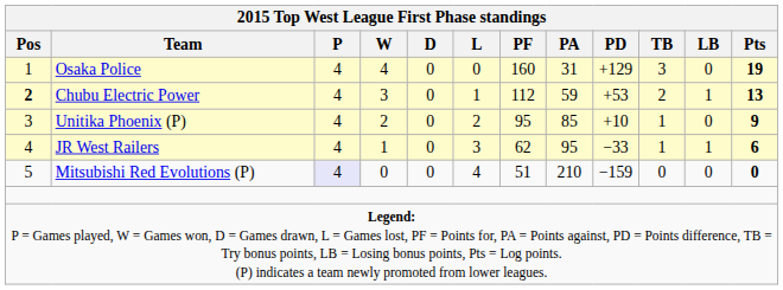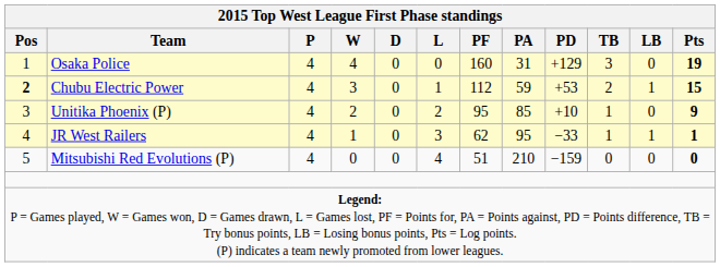 <table class="wikitable" style="text-align:center; font-size:100%; width:60%;">
 <tr>
 <th colspan="100%" cellpadding="0" cellspacing="0"><strong>2015 Top West League First Phase standings</strong></th>
 </tr>
 <tr>
 <th style="width:6%;">Pos</th>
 <th style="width:34%;">Team</th>
 <th style="width:6%;">P</th>
 <th style="width:6%;">W</th>
 <th style="width:6%;">D</th>
 <th style="width:6%;">L</th>
 <th style="width:6%;">PF</th>
 <th style="width:6%;">PA</th>
 <th style="width:6%;">PD</th>
 <th style="width:6%;">TB</th>
 <th style="width:6%;">LB</th>
 <th style="width:6%;">Pts<br></th>
 </tr>
 <tr style="background:#FFFCCC;">
 <td>1</td>
 <td style="text-align:left;"><a href='#'>Osaka Police</a></td>
 <td>4</td>
 <td>4</td>
 <td>0</td>
 <td>0</td>
 <td>160</td>
 <td>31</td>
 <td>+129</td>
 <td>3</td>
 <td>0</td>
 <td><strong>19</strong></td>
 </tr>
 <tr style="background:#FFFCCC;">
 <td><strong>2</strong></td>
 <td style="text-align:left;"><a href='#'>Chubu Electric Power</a></td>
 <td>4</td>
 <td>3</td>
 <td>0</td>
 <td>1</td>
 <td>112</td>
 <td>59</td>
 <td>+53</td>
 <td>2</td>
 <td>1</td>
-<td><strong>13</strong></td>
+<td><strong>15</strong></td>
 </tr>
 <tr style="background:#FFFCCC;">
 <td>3</td>
 <td style="text-align:left;"><a href='#'>Unitika Phoenix</a> (P)</td>
 <td>4</td>
 <td>2</td>
 <td>0</td>
 <td>2</td>
 <td>95</td>
 <td>85</td>
 <td>+10</td>
 <td>1</td>
 <td>0</td>
 <td><strong>9</strong></td>
 </tr>
 <tr style="background:#FFFCCC;">
 <td>4</td>
 <td style="text-align:left;"><a href='#'>JR West Railers</a></td>
 <td>4</td>
 <td>1</td>
 <td>0</td>
 <td>3</td>
 <td>62</td>
 <td>95</td>
 <td>−33</td>
 <td>1</td>
 <td>1</td>
-<td><strong>6</strong></td>
+<td><strong>1</strong></td>
 </tr>
 <tr>
 <td>5</td>
 <td style="text-align:left;"><a href='#'>Mitsubishi Red Evolutions</a> (P)</td>
-<td style="background: lavender;">4</td>
+<td>4</td>
 <td>0</td>
 <td>0</td>
 <td>4</td>
 <td>51</td>
 <td>210</td>
 <td>−159</td>
 <td>0</td>
 <td>0</td>
 <td><strong>0</strong></td>
 </tr>
 <tr>
 <td colspan="100%" style="height:10px;"></td>
 </tr>
 <tr>
 <td colspan="100%"><small><strong>Legend:</strong> <br> P = Games played, W = Games won, D = Games drawn, L = Games lost, PF = Points for, PA = Points against, PD = Points difference, TB = Try bonus points, LB = Losing bonus points, Pts = Log points. <br> (P) indicates a team newly promoted from lower leagues.</small></td>
 </tr>
 </table>
